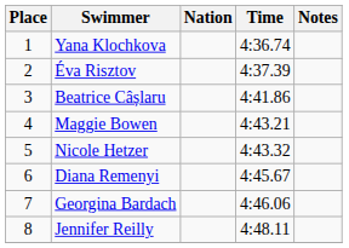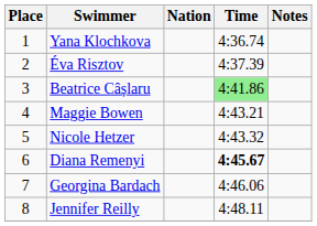 <table class="wikitable sortable" style="text-align:center">
 <tr>
 <th>Place</th>
 <th>Swimmer</th>
 <th>Nation</th>
 <th>Time</th>
 <th>Notes</th>
 </tr>
 <tr>
 <td>1</td>
 <td align=left><a href='#'>Yana Klochkova</a></td>
 <td align=left></td>
 <td>4:36.74</td>
 </tr>
 <tr>
 <td>2</td>
 <td align=left><a href='#'>Éva Risztov</a></td>
 <td align=left></td>
 <td>4:37.39</td>
 <td></td>
 </tr>
 <tr>
 <td>3</td>
 <td align=left><a href='#'>Beatrice Câșlaru</a></td>
 <td align=left></td>
-<td>4:41.86</td>
+<td style="background: lightgreen;">4:41.86</td>
 <td></td>
 </tr>
 <tr>
 <td>4</td>
 <td align=left><a href='#'>Maggie Bowen</a></td>
 <td align=left></td>
 <td>4:43.21</td>
 <td></td>
 </tr>
 <tr>
 <td>5</td>
 <td align=left><a href='#'>Nicole Hetzer</a></td>
 <td align=left></td>
 <td>4:43.32</td>
 <td></td>
 </tr>
 <tr>
 <td>6</td>
 <td align=left><a href='#'>Diana Remenyi</a></td>
 <td align=left></td>
-<td>4:45.67</td>
+<td><strong>4:45.67</strong></td>
 <td></td>
 </tr>
 <tr>
 <td>7</td>
 <td align=left><a href='#'>Georgina Bardach</a></td>
 <td align=left></td>
 <td>4:46.06</td>
 <td></td>
 </tr>
 <tr>
 <td>8</td>
 <td align=left><a href='#'>Jennifer Reilly</a></td>
 <td align=left></td>
 <td>4:48.11</td>
 <td></td>
 </tr>
 <tr>
 </tr>
 </table>
